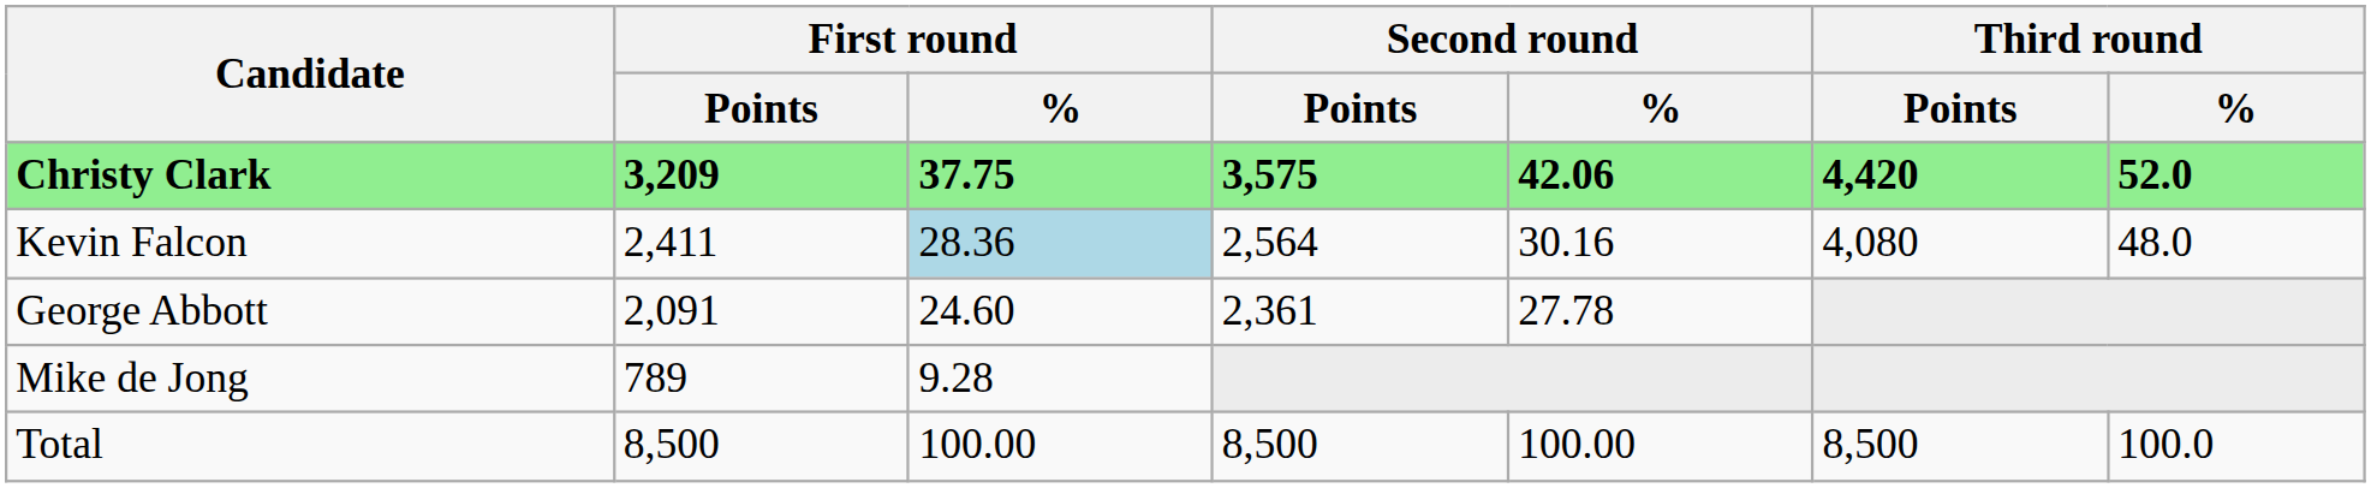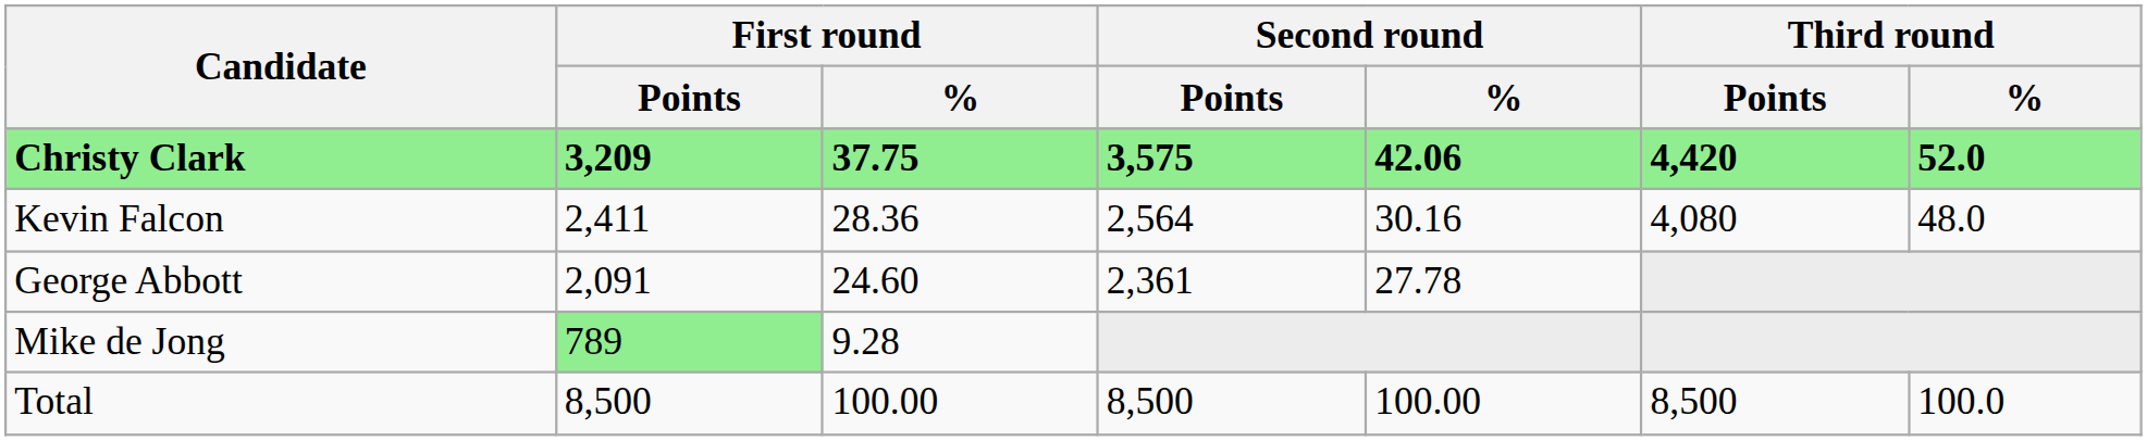 <table class="wikitable" style="width: 70%;">
 <tr>
 <th rowspan=2>Candidate</th>
 <th colspan=2>First round</th>
 <th colspan=2>Second round</th>
 <th colspan=2>Third round</th>
 </tr>
 <tr>
 <th>Points</th>
 <th>%</th>
 <th>Points</th>
 <th>%</th>
 <th>Points</th>
 <th>%</th>
 </tr>
 <tr style="text-align:left;background:lightgreen;">
 <td><strong>Christy Clark</strong></td>
 <td><strong>3,209</strong></td>
 <td><strong>37.75</strong></td>
 <td><strong>3,575</strong></td>
 <td><strong>42.06</strong></td>
 <td><strong>4,420</strong></td>
 <td><strong>52.0</strong></td>
 </tr>
 <tr>
 <td>Kevin Falcon</td>
 <td>2,411</td>
-<td style="background: lightblue;">28.36</td>
+<td>28.36</td>
 <td>2,564</td>
 <td>30.16</td>
 <td>4,080</td>
 <td>48.0</td>
 </tr>
 <tr>
 <td>George Abbott</td>
 <td>2,091</td>
 <td>24.60</td>
 <td>2,361</td>
 <td>27.78</td>
 <td colspan=2 style="background: #ececec;"></td>
 </tr>
 <tr>
 <td>Mike de Jong</td>
-<td>789</td>
+<td style="background: lightgreen;">789</td>
 <td>9.28</td>
 <td colspan=2 style="background: #ececec;"></td>
 <td colspan=2 style="background: #ececec;"></td>
 </tr>
 <tr>
 <td>Total</td>
 <td>8,500</td>
 <td>100.00</td>
 <td>8,500</td>
 <td>100.00</td>
 <td>8,500</td>
 <td>100.0</td>
 </tr>
 </table>
